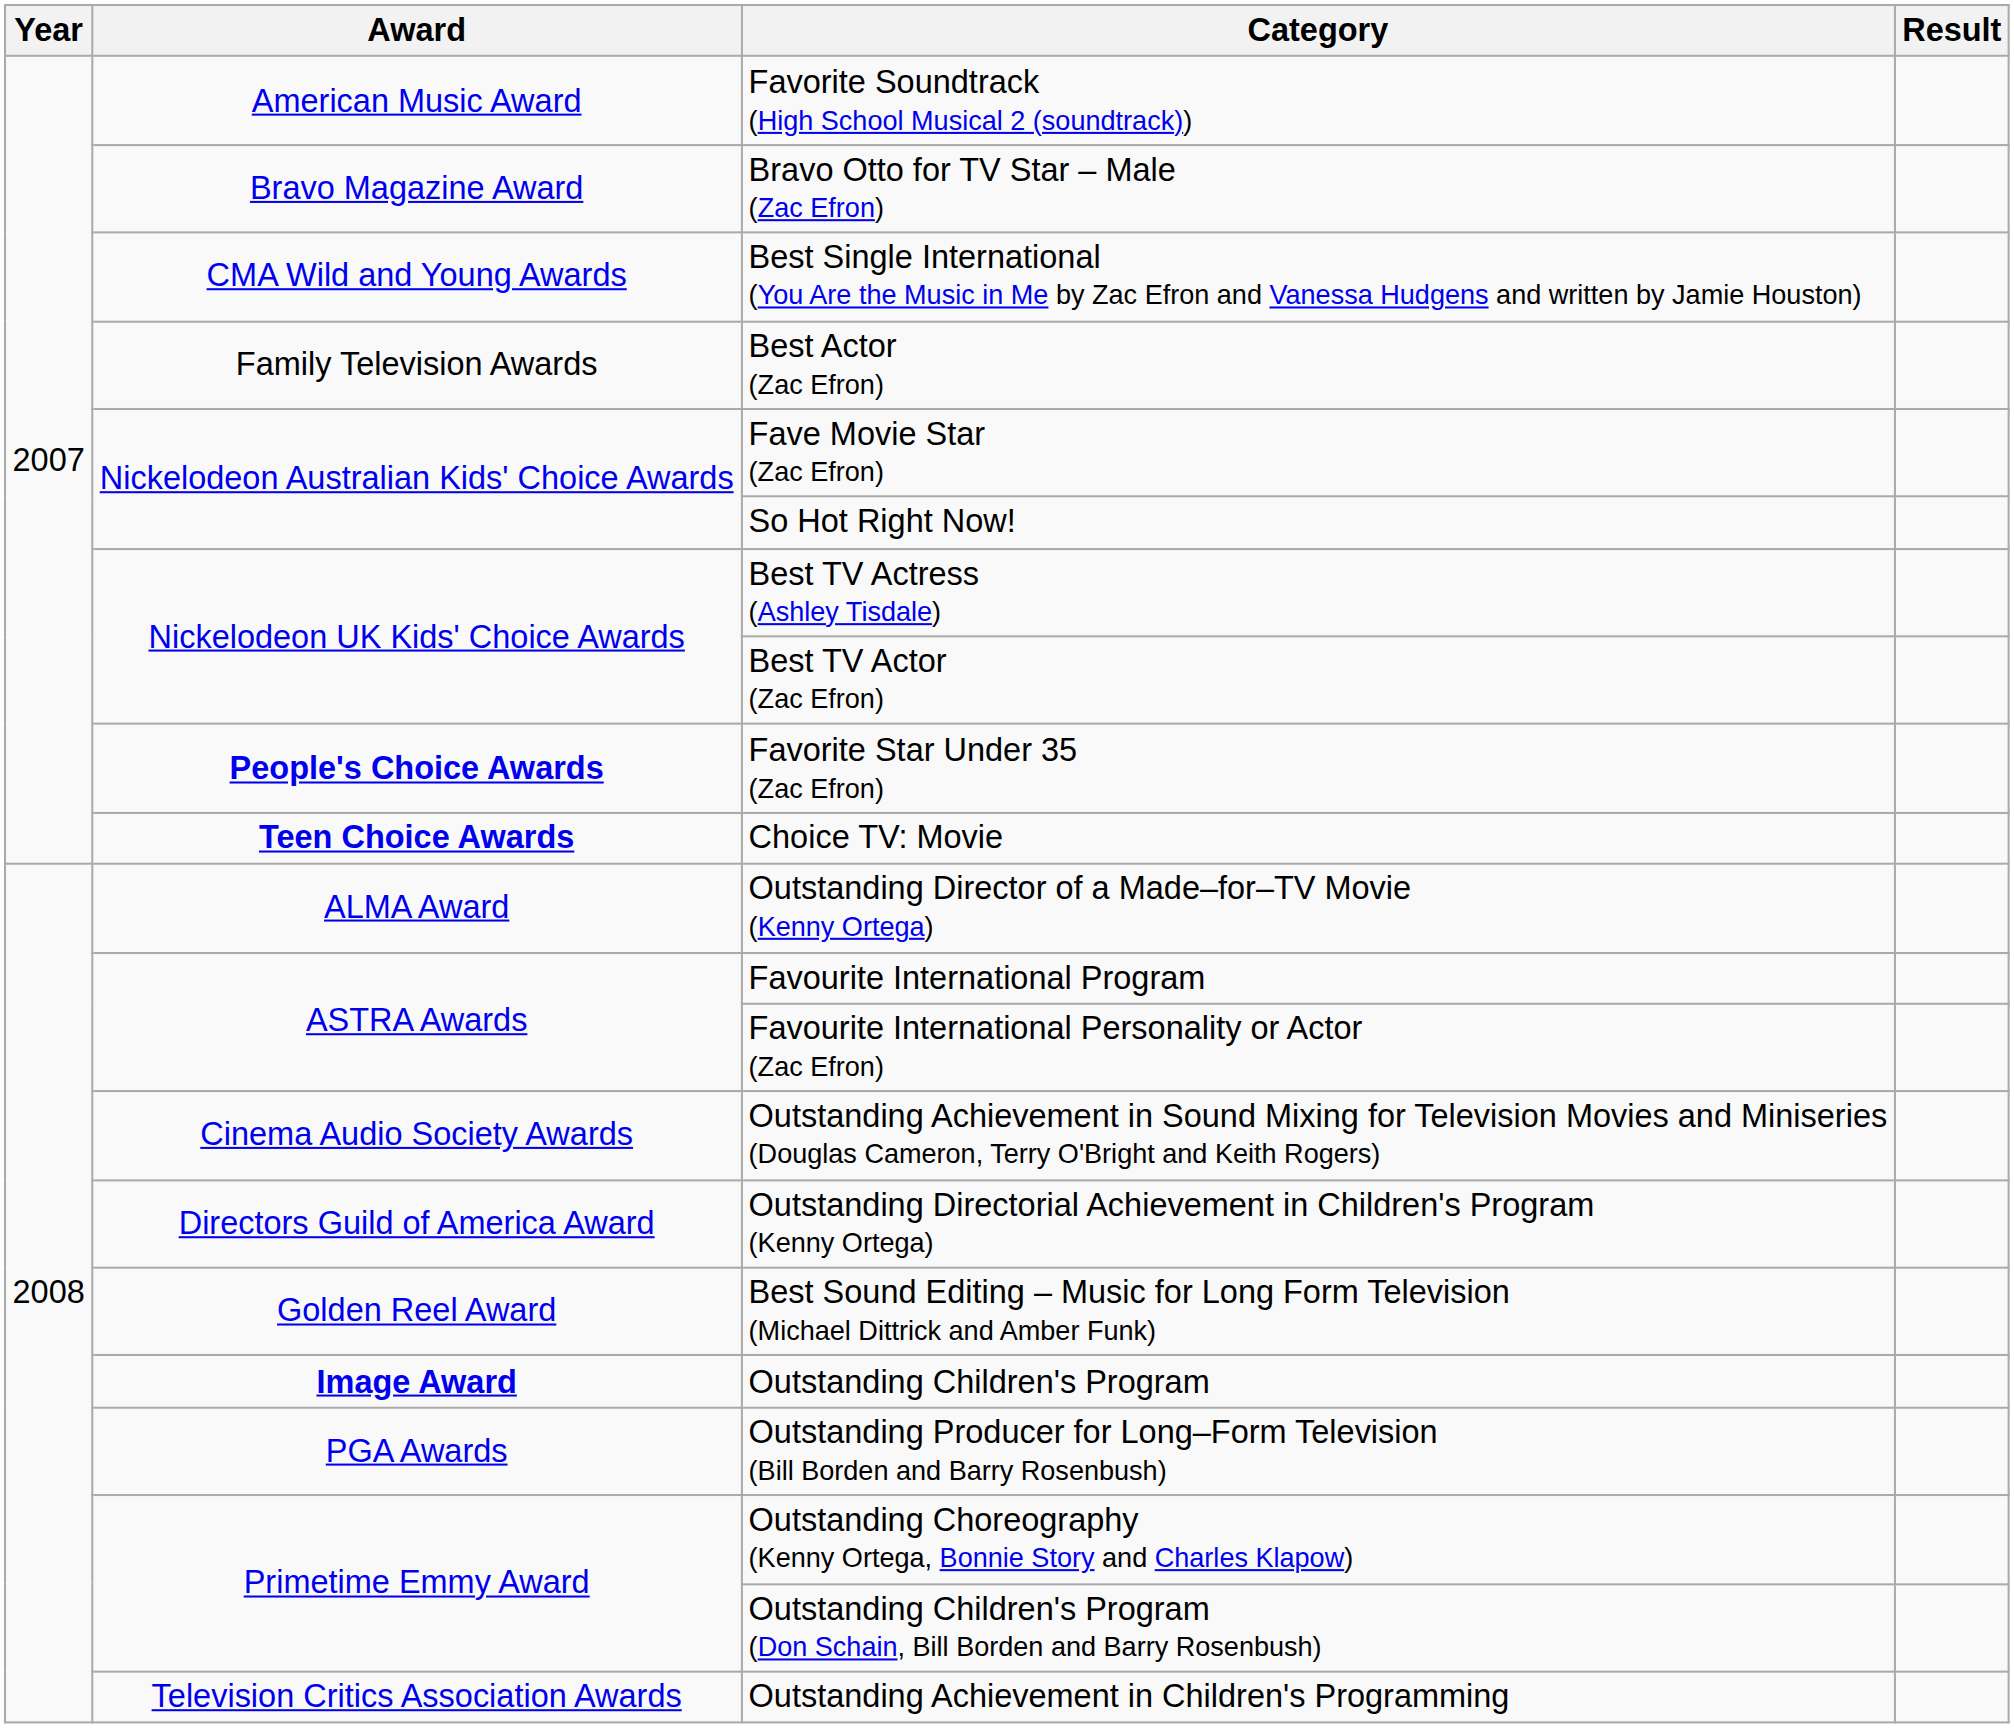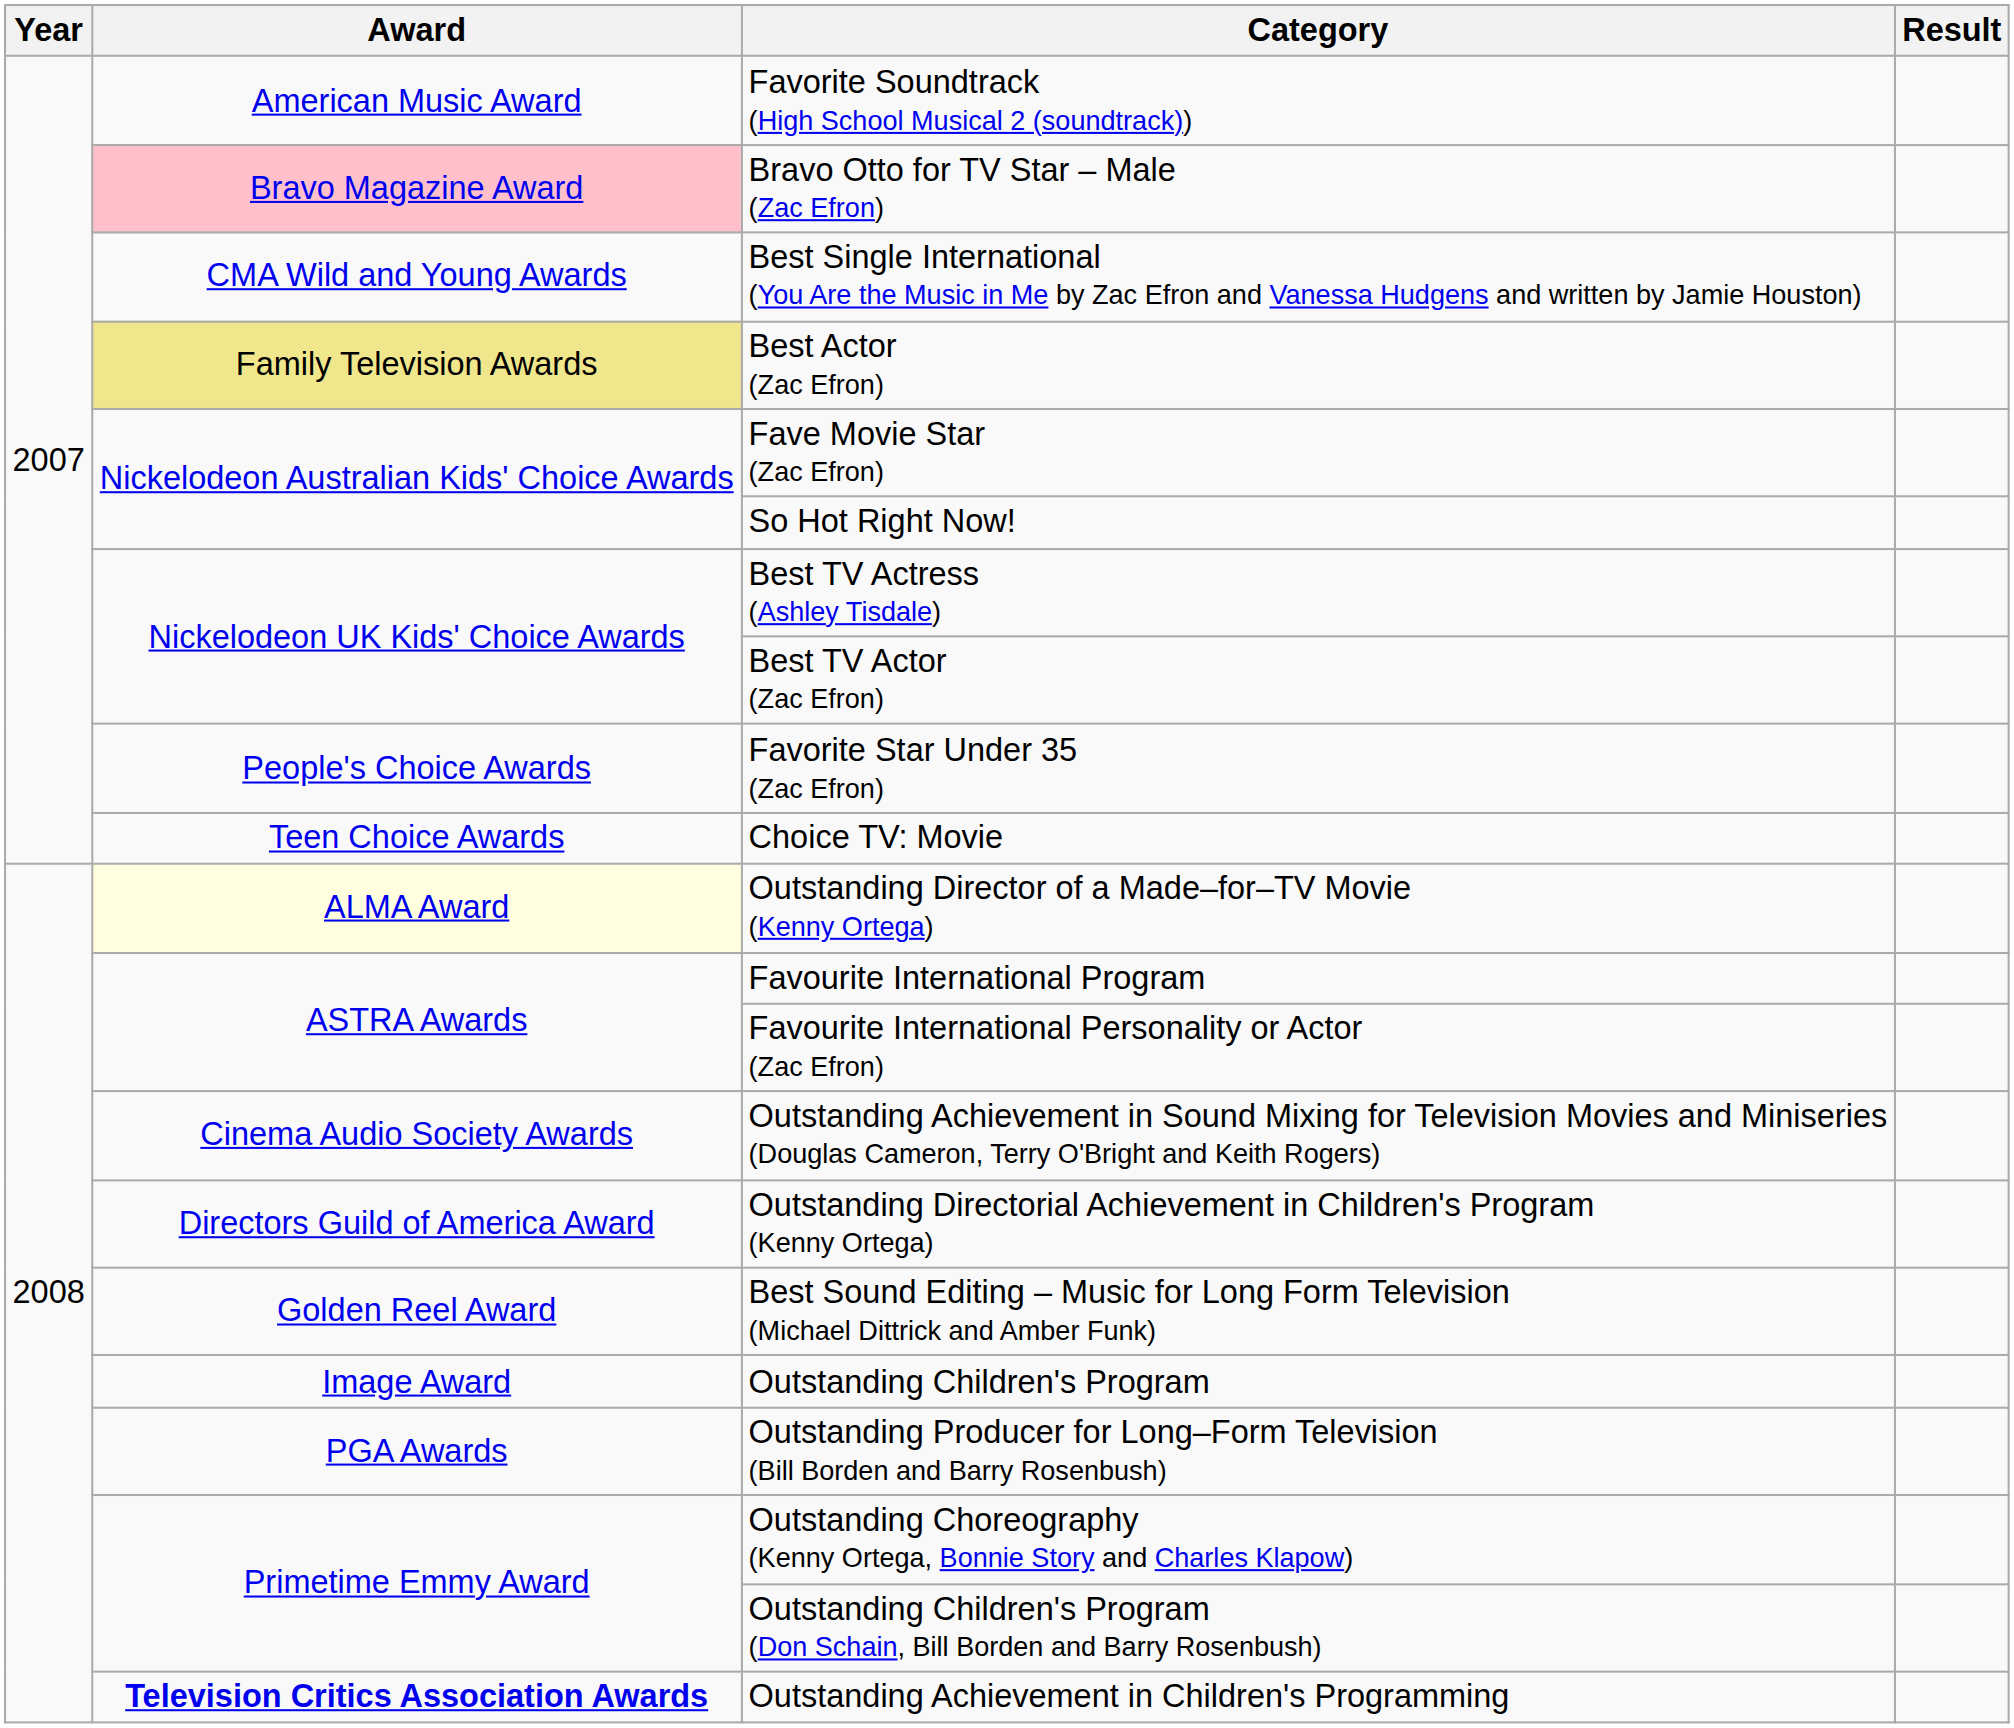 <table class="wikitable">
 <tr>
 <th>Year</th>
 <th>Award</th>
 <th>Category</th>
 <th>Result</th>
 </tr>
 <tr>
 <td rowspan="10" align="center">2007</td>
 <td align="center"><a href='#'>American Music Award</a></td>
 <td>Favorite Soundtrack<br><small>(<a href='#'>High School Musical 2 (soundtrack)</a>)</small></td>
 <td></td>
 </tr>
 <tr>
-<td align="center"><a href='#'>Bravo Magazine Award</a></td>
+<td align="center" style="background: pink;"><a href='#'>Bravo Magazine Award</a></td>
 <td>Bravo Otto for TV Star – Male<br><small>(<a href='#'>Zac Efron</a>)</small></td>
 <td></td>
 </tr>
 <tr>
 <td align="center"><a href='#'>CMA Wild and Young Awards</a></td>
 <td>Best Single International<br><small>(<a href='#'>You Are the Music in Me</a> by Zac Efron and <a href='#'>Vanessa Hudgens</a> and written by Jamie Houston)</small></td>
 <td></td>
 </tr>
 <tr>
-<td align="center">Family Television Awards</td>
+<td align="center" style="background: khaki;">Family Television Awards</td>
 <td>Best Actor<br><small>(Zac Efron)</small></td>
 <td></td>
 </tr>
 <tr>
 <td rowspan="2" align="center"><a href='#'>Nickelodeon Australian Kids' Choice Awards</a></td>
 <td>Fave Movie Star<br><small>(Zac Efron)</small></td>
 <td></td>
 </tr>
 <tr>
 <td>So Hot Right Now!</td>
 <td></td>
 </tr>
 <tr>
 <td rowspan="2" align="center"><a href='#'>Nickelodeon UK Kids' Choice Awards</a></td>
 <td>Best TV Actress<br><small>(<a href='#'>Ashley Tisdale</a>)</small></td>
 <td></td>
 </tr>
 <tr>
 <td>Best TV Actor<br><small>(Zac Efron)</small></td>
 <td></td>
 </tr>
 <tr>
-<td align="center"><strong><a href='#'>People's Choice Awards</a></strong></td>
+<td align="center"><a href='#'>People's Choice Awards</a></td>
 <td>Favorite Star Under 35<br><small>(Zac Efron)</small></td>
 <td></td>
 </tr>
 <tr>
-<td align="center"><strong><a href='#'>Teen Choice Awards</a></strong></td>
+<td align="center"><a href='#'>Teen Choice Awards</a></td>
 <td>Choice TV: Movie</td>
 <td></td>
 </tr>
 <tr>
 <td rowspan="11" align="center">2008</td>
-<td align="center"><a href='#'>ALMA Award</a></td>
+<td align="center" style="background: lightyellow;"><a href='#'>ALMA Award</a></td>
 <td>Outstanding Director of a Made–for–TV Movie<br><small>(<a href='#'>Kenny Ortega</a>)</small></td>
 <td></td>
 </tr>
 <tr>
 <td rowspan="2" align="center"><a href='#'>ASTRA Awards</a></td>
 <td>Favourite International Program</td>
 <td></td>
 </tr>
 <tr>
 <td>Favourite International Personality or Actor<br><small>(Zac Efron)</small></td>
 <td></td>
 </tr>
 <tr>
 <td align="center"><a href='#'>Cinema Audio Society Awards</a></td>
 <td>Outstanding Achievement in Sound Mixing for Television Movies and Miniseries<br><small>(Douglas Cameron, Terry O'Bright and Keith Rogers)</small></td>
 <td></td>
 </tr>
 <tr>
 <td align="center"><a href='#'>Directors Guild of America Award</a></td>
 <td>Outstanding Directorial Achievement in Children's Program<br><small>(Kenny Ortega)</small></td>
 <td></td>
 </tr>
 <tr>
 <td align="center"><a href='#'>Golden Reel Award</a></td>
 <td>Best Sound Editing – Music for Long Form Television<br><small>(Michael Dittrick and Amber Funk)</small></td>
 <td></td>
 </tr>
 <tr>
-<td align="center"><strong><a href='#'>Image Award</a></strong></td>
+<td align="center"><a href='#'>Image Award</a></td>
 <td>Outstanding Children's Program</td>
 <td></td>
 </tr>
 <tr>
 <td align="center"><a href='#'>PGA Awards</a></td>
 <td>Outstanding Producer for Long–Form Television<br><small>(Bill Borden and Barry Rosenbush)</small></td>
 <td></td>
 </tr>
 <tr>
 <td rowspan="2" align="center"><a href='#'>Primetime Emmy Award</a></td>
 <td>Outstanding Choreography<br><small>(Kenny Ortega, <a href='#'>Bonnie Story</a> and <a href='#'>Charles Klapow</a>)</small></td>
 <td></td>
 </tr>
 <tr>
 <td>Outstanding Children's Program<br><small>(<a href='#'>Don Schain</a>, Bill Borden and Barry Rosenbush)</small></td>
 <td></td>
 </tr>
 <tr>
-<td align="center"><a href='#'>Television Critics Association Awards</a></td>
+<td align="center"><strong><a href='#'>Television Critics Association Awards</a></strong></td>
 <td>Outstanding Achievement in Children's Programming</td>
 <td></td>
 </tr>
 </table>
